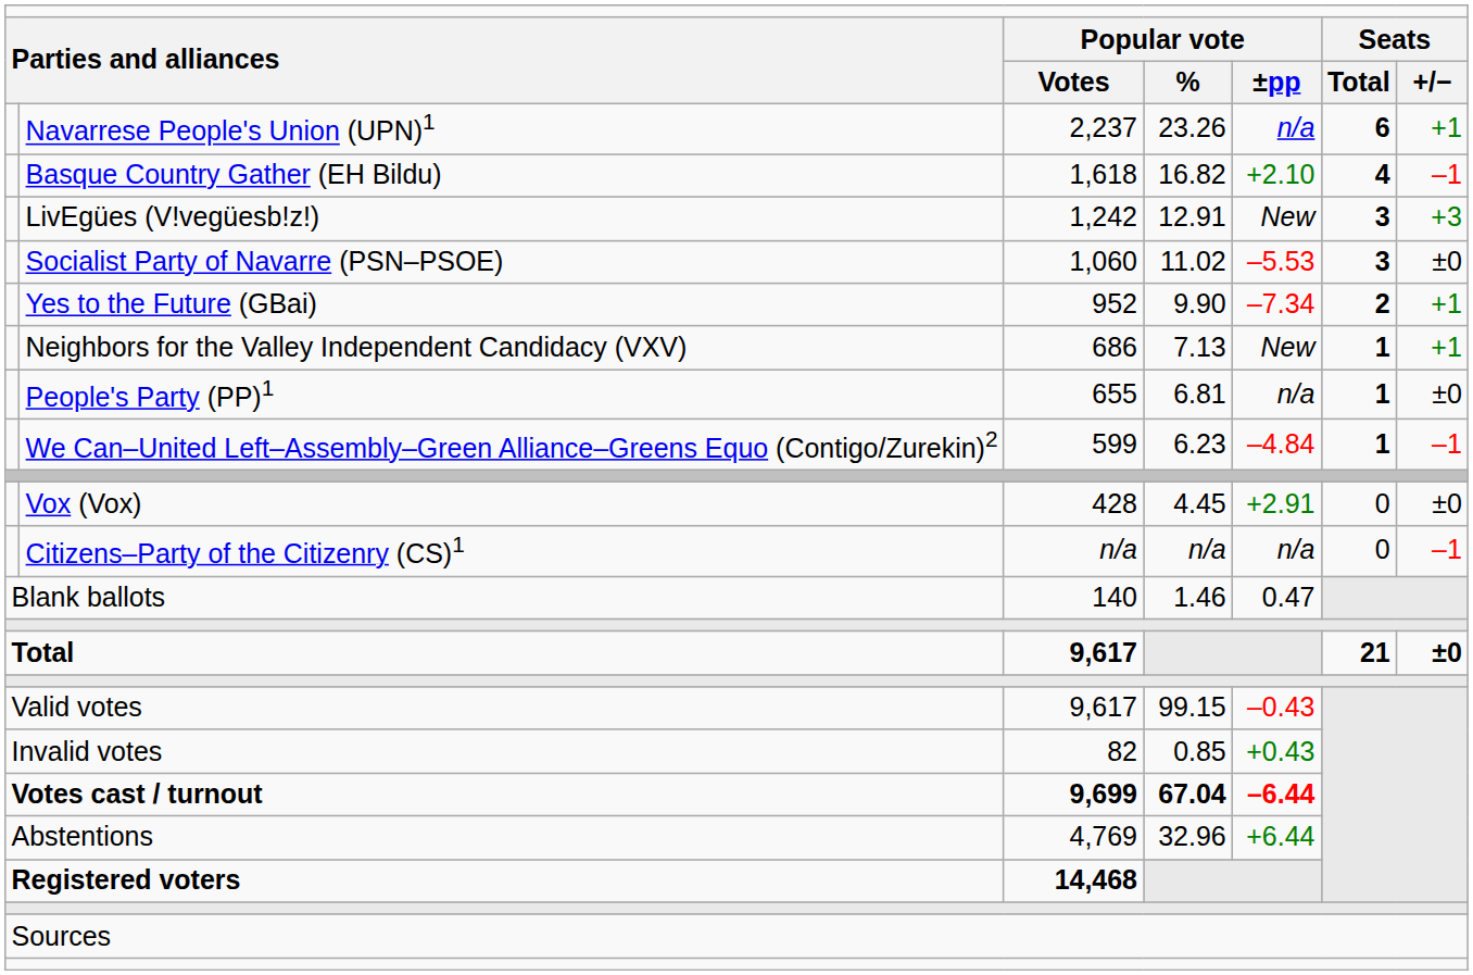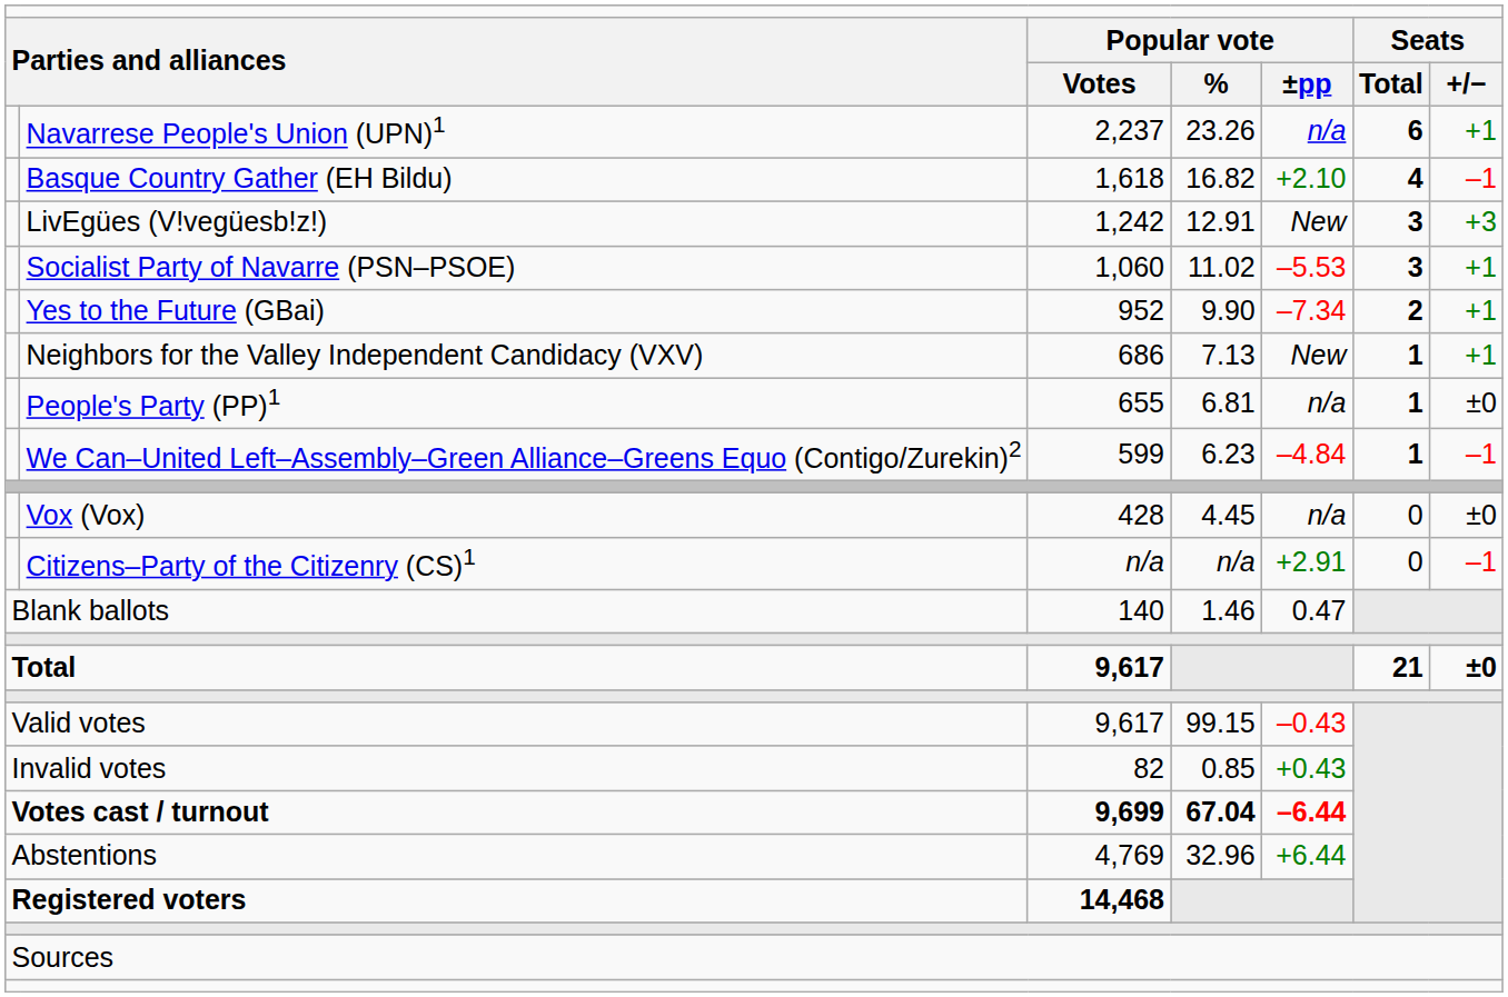 <table class="wikitable" style="text-align:right;">
 <tr>
 <td colspan="7"></td>
 </tr>
 <tr>
 <th style="text-align:left;" rowspan="2" colspan="2" width="525">Parties and alliances</th>
 <th colspan="3">Popular vote</th>
 <th colspan="2">Seats</th>
 </tr>
 <tr>
 <th width="75">Votes</th>
 <th width="45">%</th>
 <th width="45">±<a href='#'>pp</a></th>
 <th width="35">Total</th>
 <th width="35">+/−</th>
 </tr>
 <tr>
 <td width="1" style="color:inherit;background:"></td>
 <td align="left"><a href='#'>Navarrese People's Union</a> (UPN)<sup>1</sup></td>
 <td>2,237</td>
 <td>23.26</td>
 <td><em><a href='#'>n/a</a></em></td>
 <td><strong>6</strong></td>
 <td style="color:green;">+1</td>
 </tr>
 <tr>
 <td style="color:inherit;background:"></td>
 <td align="left"><a href='#'>Basque Country Gather</a> (EH Bildu)</td>
 <td>1,618</td>
 <td>16.82</td>
 <td style="color:green;">+2.10</td>
 <td><strong>4</strong></td>
 <td style="color:red;">–1</td>
 </tr>
 <tr>
 <td style="color:inherit;background:"></td>
 <td align="left">LivEgües (V!vegüesb!z!)</td>
 <td>1,242</td>
 <td>12.91</td>
 <td><em>New</em></td>
 <td><strong>3</strong></td>
 <td style="color:green;">+3</td>
 </tr>
 <tr>
 <td style="color:inherit;background:"></td>
 <td align="left"><a href='#'>Socialist Party of Navarre</a> (PSN–PSOE)</td>
 <td>1,060</td>
 <td>11.02</td>
 <td style="color:red;">–5.53</td>
 <td><strong>3</strong></td>
-<td>±0</td>
+<td style="color:green;">+1</td>
 </tr>
 <tr>
 <td style="color:inherit;background:"></td>
 <td align="left"><a href='#'>Yes to the Future</a> (GBai)</td>
 <td>952</td>
 <td>9.90</td>
 <td style="color:red;">–7.34</td>
 <td><strong>2</strong></td>
 <td style="color:green;">+1</td>
 </tr>
 <tr>
 <td style="color:inherit;background:"></td>
 <td align="left">Neighbors for the Valley Independent Candidacy (VXV)</td>
 <td>686</td>
 <td>7.13</td>
 <td><em>New</em></td>
 <td><strong>1</strong></td>
 <td style="color:green;">+1</td>
 </tr>
 <tr>
 <td style="color:inherit;background:"></td>
 <td align="left"><a href='#'>People's Party</a> (PP)<sup>1</sup></td>
 <td>655</td>
 <td>6.81</td>
 <td><em>n/a</em></td>
 <td><strong>1</strong></td>
 <td>±0</td>
 </tr>
 <tr>
 <td style="color:inherit;background:"></td>
 <td align="left"><a href='#'>We Can–United Left–Assembly–Green Alliance–Greens Equo</a> (Contigo/Zurekin)<sup>2</sup></td>
 <td>599</td>
 <td>6.23</td>
 <td style="color:red;">–4.84</td>
 <td><strong>1</strong></td>
 <td style="color:red;">–1</td>
 </tr>
 <tr>
 <td colspan="7" bgcolor="#C0C0C0"></td>
 </tr>
 <tr>
 <td style="color:inherit;background:"></td>
 <td align="left"><a href='#'>Vox</a> (Vox)</td>
 <td>428</td>
 <td>4.45</td>
-<td style="color:green;">+2.91</td>
+<td><em>n/a</em></td>
 <td>0</td>
 <td>±0</td>
 </tr>
 <tr>
 <td style="color:inherit;background:"></td>
 <td align="left"><a href='#'>Citizens–Party of the Citizenry</a> (CS)<sup>1</sup></td>
 <td><em>n/a</em></td>
 <td><em>n/a</em></td>
-<td><em>n/a</em></td>
+<td style="color:green;">+2.91</td>
 <td>0</td>
 <td style="color:red;">–1</td>
 </tr>
 <tr>
 <td align="left" colspan="2">Blank ballots</td>
 <td>140</td>
 <td>1.46</td>
 <td>0.47</td>
 <td bgcolor="#E9E9E9" colspan="2"></td>
 </tr>
 <tr>
 <td colspan="7" bgcolor="#E9E9E9"></td>
 </tr>
 <tr style="font-weight:bold;">
 <td align="left" colspan="2">Total</td>
 <td>9,617</td>
 <td bgcolor="#E9E9E9" colspan="2"></td>
 <td>21</td>
 <td>±0</td>
 </tr>
 <tr>
 <td colspan="7" bgcolor="#E9E9E9"></td>
 </tr>
 <tr>
 <td align="left" colspan="2">Valid votes</td>
 <td>9,617</td>
 <td>99.15</td>
 <td style="color:red;">–0.43</td>
 <td bgcolor="#E9E9E9" colspan="2" rowspan="5"></td>
 </tr>
 <tr>
 <td align="left" colspan="2">Invalid votes</td>
 <td>82</td>
 <td>0.85</td>
 <td style="color:green;">+0.43</td>
 </tr>
 <tr style="font-weight:bold;">
 <td align="left" colspan="2">Votes cast / turnout</td>
 <td>9,699</td>
 <td>67.04</td>
 <td style="color:red;">–6.44</td>
 </tr>
 <tr>
 <td align="left" colspan="2">Abstentions</td>
 <td>4,769</td>
 <td>32.96</td>
 <td style="color:green;">+6.44</td>
 </tr>
 <tr style="font-weight:bold;">
 <td align="left" colspan="2">Registered voters</td>
 <td>14,468</td>
 <td bgcolor="#E9E9E9" colspan="2"></td>
 </tr>
 <tr>
 <td colspan="7" bgcolor="#E9E9E9"></td>
 </tr>
 <tr>
 <td align="left" colspan="7">Sources</td>
 </tr>
 <tr>
 <td colspan="7" style="text-align:left; max-width:790px;"></td>
 </tr>
 </table>
